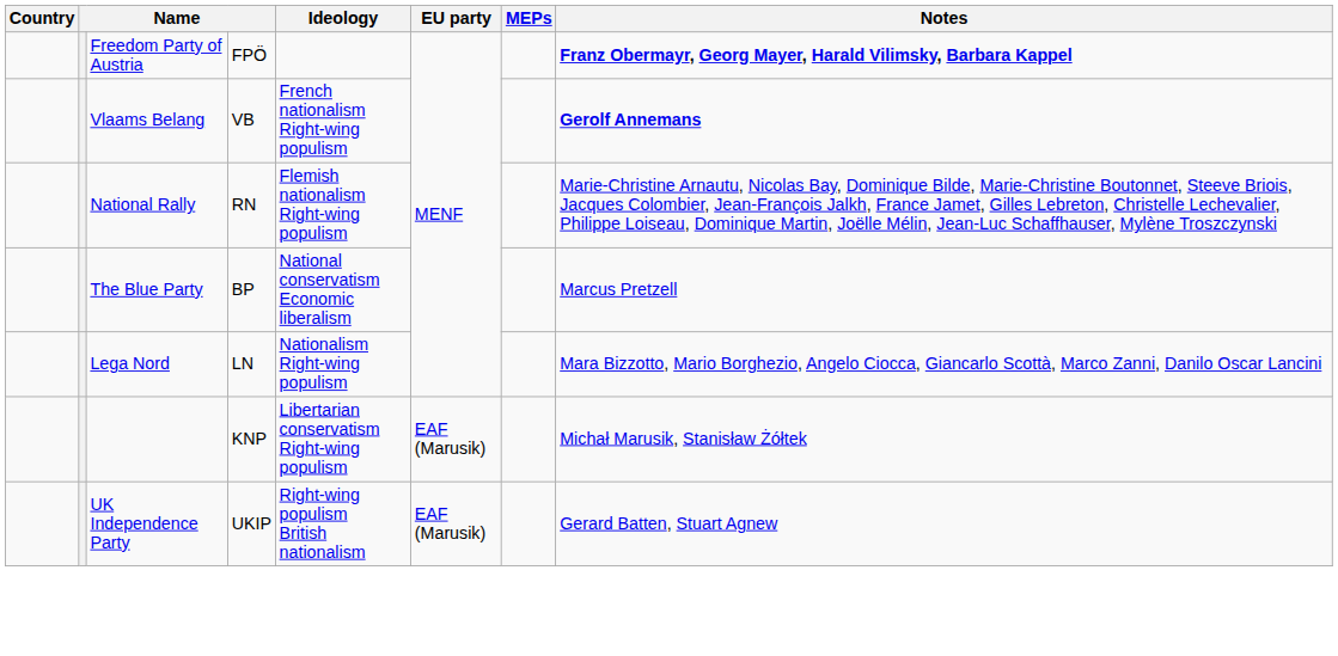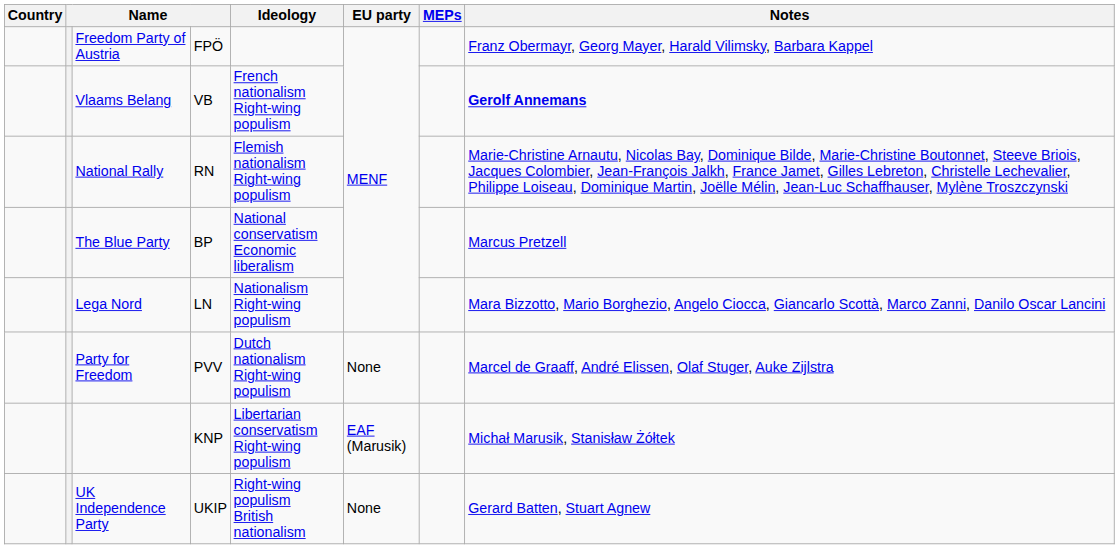 <table class="wikitable">
 <tr>
 <th>Country</th>
 <th colspan="3">Name</th>
 <th>Ideology</th>
 <th>EU party</th>
 <th><a href='#'>MEPs</a></th>
 <th>Notes</th>
 </tr>
 <tr>
 <td></td>
 <th style="background:"></th>
 <td><a href='#'>Freedom Party of Austria</a></td>
 <td>FPÖ</td>
 <td></td>
 <td rowspan="5"><a href='#'>MENF</a></td>
 <td></td>
-<td><strong><a href='#'>Franz Obermayr</a>, <a href='#'>Georg Mayer</a>, <a href='#'>Harald Vilimsky</a>, <a href='#'>Barbara Kappel</a></strong></td>
+<td><a href='#'>Franz Obermayr</a>, <a href='#'>Georg Mayer</a>, <a href='#'>Harald Vilimsky</a>, <a href='#'>Barbara Kappel</a></td>
 </tr>
 <tr>
 <td></td>
 <th style="background:"></th>
 <td><a href='#'>Vlaams Belang</a></td>
 <td>VB</td>
 <td><a href='#'>French nationalism</a><br><a href='#'>Right-wing populism</a></td>
 <td></td>
 <td><strong><a href='#'>Gerolf Annemans</a></strong></td>
 </tr>
 <tr>
 <td></td>
 <th style="background:"></th>
 <td><a href='#'>National Rally</a></td>
 <td>RN</td>
 <td><a href='#'>Flemish nationalism</a><br><a href='#'>Right-wing populism</a></td>
 <td></td>
 <td><a href='#'>Marie-Christine Arnautu</a>, <a href='#'>Nicolas Bay</a>, <a href='#'>Dominique Bilde</a>, <a href='#'>Marie-Christine Boutonnet</a>, <a href='#'>Steeve Briois</a>, <a href='#'>Jacques Colombier</a>, <a href='#'>Jean-François Jalkh</a>, <a href='#'>France Jamet</a>, <a href='#'>Gilles Lebreton</a>, <a href='#'>Christelle Lechevalier</a>, <a href='#'>Philippe Loiseau</a>, <a href='#'>Dominique Martin</a>, <a href='#'>Joëlle Mélin</a>, <a href='#'>Jean-Luc Schaffhauser</a>, <a href='#'>Mylène Troszczynski</a></td>
 </tr>
 <tr>
 <td></td>
 <th style="background:"></th>
 <td><a href='#'>The Blue Party</a></td>
 <td>BP</td>
 <td><a href='#'>National conservatism</a><br><a href='#'>Economic liberalism</a></td>
 <td></td>
 <td><a href='#'>Marcus Pretzell</a></td>
 </tr>
 <tr>
 <td></td>
 <th style="background:"></th>
 <td><a href='#'>Lega Nord</a></td>
 <td>LN</td>
 <td><a href='#'>Nationalism</a><br><a href='#'>Right-wing populism</a></td>
 <td></td>
 <td><a href='#'>Mara Bizzotto</a>, <a href='#'>Mario Borghezio</a>, <a href='#'>Angelo Ciocca</a>, <a href='#'>Giancarlo Scottà</a>, <a href='#'>Marco Zanni</a>, <a href='#'>Danilo Oscar Lancini</a></td>
 </tr>
 <tr>
 <td></td>
 <th style="background:"></th>
+<td><a href='#'>Party for Freedom</a></td>
+<td>PVV</td>
+<td><a href='#'>Dutch nationalism</a><br><a href='#'>Right-wing populism</a></td>
+<td>None</td>
+<td></td>
+<td><a href='#'>Marcel de Graaff</a>, <a href='#'>André Elissen</a>, <a href='#'>Olaf Stuger</a>, <a href='#'>Auke Zijlstra</a></td>
+</tr>
+<tr>
+<td></td>
+<th style="background:"></th>
 <td></td>
 <td>KNP</td>
 <td><a href='#'>Libertarian conservatism</a><br><a href='#'>Right-wing populism</a></td>
 <td><a href='#'>EAF</a> (Marusik)</td>
 <td></td>
 <td><a href='#'>Michał Marusik</a>, <a href='#'>Stanisław Żółtek</a></td>
 </tr>
 <tr>
 <td></td>
 <th style="background:"></th>
 <td><a href='#'>UK Independence Party</a></td>
 <td>UKIP</td>
 <td><a href='#'>Right-wing populism</a><br><a href='#'>British nationalism</a></td>
-<td><a href='#'>EAF</a> (Marusik)</td>
+<td>None</td>
 <td></td>
 <td><a href='#'>Gerard Batten</a>, <a href='#'>Stuart Agnew</a></td>
 </tr>
 </table>
